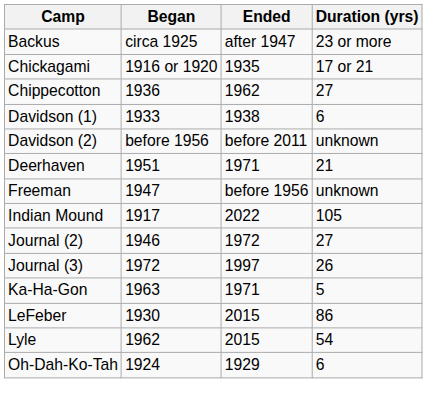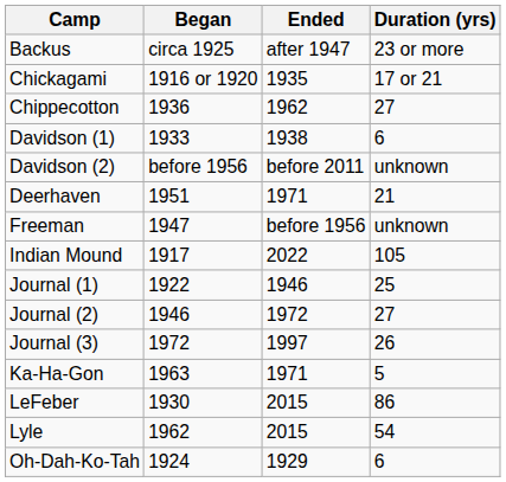 <table class="wikitable sortable">
 <tr>
 <th>Camp</th>
 <th>Began</th>
 <th>Ended</th>
 <th data-sort-type="number">Duration (yrs)</th>
 </tr>
 <tr>
 <td>Backus</td>
 <td>circa 1925</td>
 <td>after 1947</td>
 <td>23 or more</td>
 </tr>
 <tr>
 <td>Chickagami</td>
 <td>1916 or 1920</td>
 <td>1935</td>
 <td>17 or 21</td>
 </tr>
 <tr>
 <td>Chippecotton</td>
 <td>1936</td>
 <td>1962</td>
 <td>27</td>
 </tr>
 <tr>
 <td>Davidson (1)</td>
 <td>1933</td>
 <td>1938</td>
 <td>6</td>
 </tr>
 <tr>
 <td>Davidson (2)</td>
 <td>before 1956</td>
 <td>before 2011</td>
 <td>unknown</td>
 </tr>
 <tr>
 <td>Deerhaven</td>
 <td>1951</td>
 <td>1971</td>
 <td>21</td>
 </tr>
 <tr>
 <td>Freeman</td>
 <td>1947</td>
 <td>before 1956</td>
 <td>unknown</td>
 </tr>
 <tr>
 <td>Indian Mound</td>
 <td>1917</td>
 <td>2022</td>
 <td>105</td>
 </tr>
 <tr>
+<td>Journal (1)</td>
+<td>1922</td>
+<td>1946</td>
+<td>25</td>
+</tr>
+<tr>
 <td>Journal (2)</td>
 <td>1946</td>
 <td>1972</td>
 <td>27</td>
 </tr>
 <tr>
 <td>Journal (3)</td>
 <td>1972</td>
 <td>1997</td>
 <td>26</td>
 </tr>
 <tr>
 <td>Ka-Ha-Gon</td>
 <td>1963</td>
 <td>1971</td>
 <td>5</td>
 </tr>
 <tr>
 <td>LeFeber</td>
 <td>1930</td>
 <td>2015</td>
 <td>86</td>
 </tr>
 <tr>
 <td>Lyle</td>
 <td>1962</td>
 <td>2015</td>
 <td>54</td>
 </tr>
 <tr>
 <td>Oh-Dah-Ko-Tah</td>
 <td>1924</td>
 <td>1929</td>
 <td>6</td>
 </tr>
 </table>
